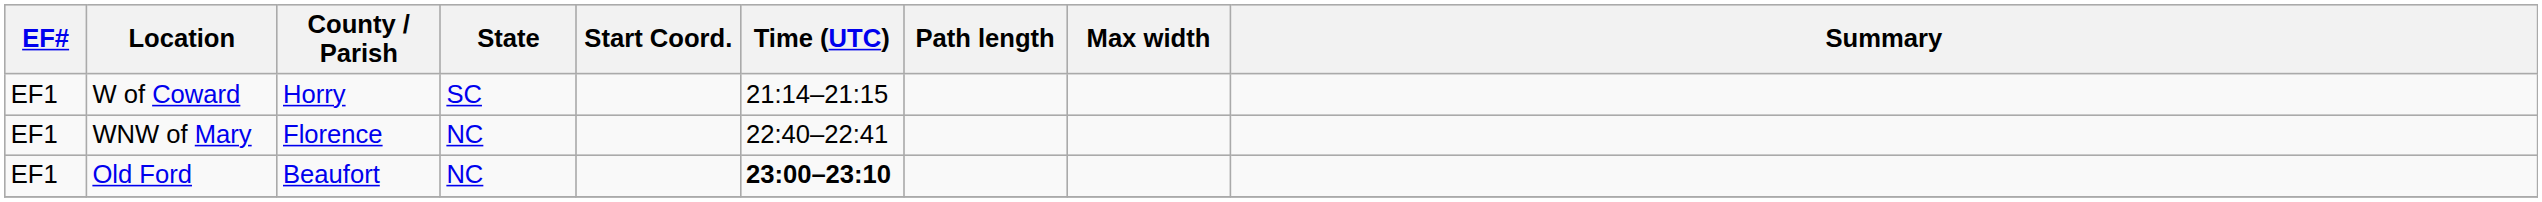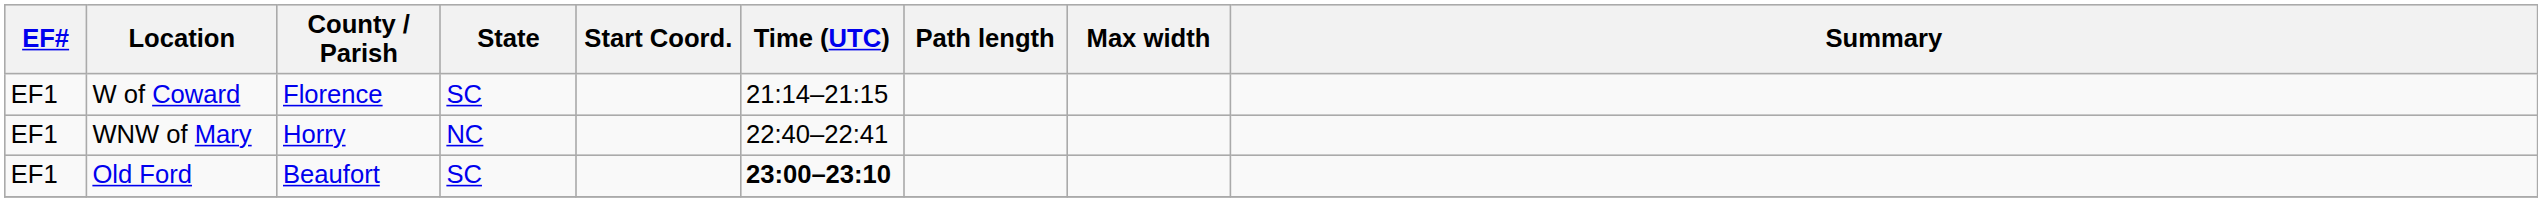 <table class="wikitable sortable" style="width:100%;">
 <tr>
 <th scope="col"  style="width:3%; text-align:center;"><a href='#'>EF#</a></th>
 <th scope="col"  style="width:7%; text-align:center;" class="unsortable">Location</th>
 <th scope="col"  style="width:6%; text-align:center;" class="unsortable">County / Parish</th>
 <th scope="col"  style="width:5%; text-align:center;">State</th>
 <th scope="col"  style="width:6%; text-align:center;">Start Coord.</th>
 <th scope="col"  style="width:6%; text-align:center;">Time (<a href='#'>UTC</a>)</th>
 <th scope="col"  style="width:6%; text-align:center;">Path length</th>
 <th scope="col"  style="width:6%; text-align:center;">Max width</th>
 <th scope="col" class="unsortable" style="width:48%; text-align:center;">Summary</th>
 </tr>
 <tr>
 <td>EF1</td>
 <td>W of <a href='#'>Coward</a></td>
-<td><a href='#'>Horry</a></td>
+<td><a href='#'>Florence</a></td>
 <td><a href='#'>SC</a></td>
 <td></td>
 <td>21:14–21:15</td>
 <td></td>
 <td></td>
 <td></td>
 </tr>
 <tr>
 <td>EF1</td>
 <td>WNW of <a href='#'>Mary</a></td>
-<td><a href='#'>Florence</a></td>
+<td><a href='#'>Horry</a></td>
 <td><a href='#'>NC</a></td>
 <td></td>
 <td>22:40–22:41</td>
 <td></td>
 <td></td>
 <td></td>
 </tr>
 <tr>
 <td>EF1</td>
 <td><a href='#'>Old Ford</a></td>
 <td><a href='#'>Beaufort</a></td>
-<td><a href='#'>NC</a></td>
+<td><a href='#'>SC</a></td>
 <td></td>
 <td><strong>23:00–23:10</strong></td>
 <td></td>
 <td></td>
 <td></td>
 </tr>
 <tr>
 </tr>
 </table>
